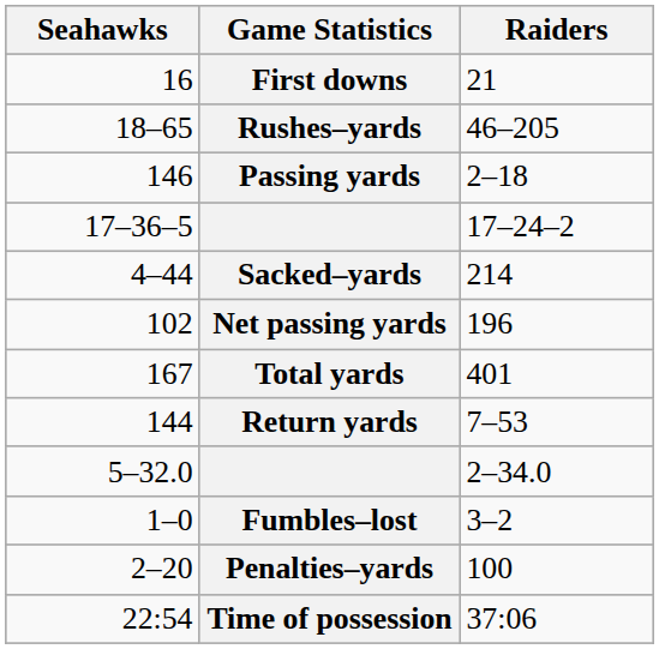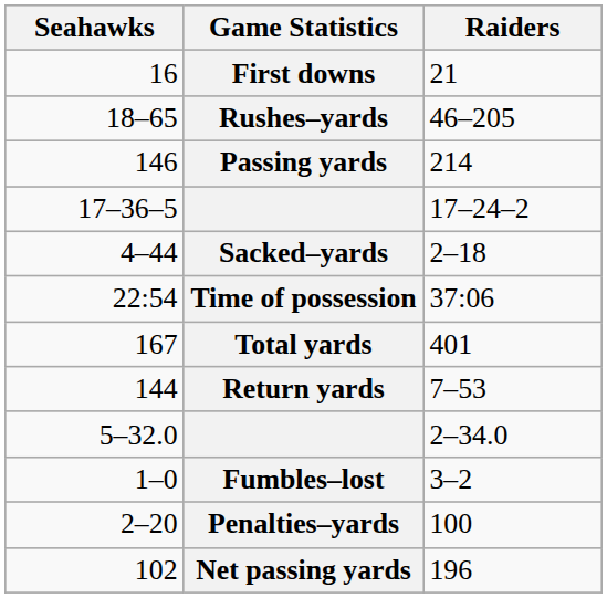 <table class="wikitable" style="margin: 1em auto 1em auto">
 <tr>
 <th style="width:30%;">Seahawks</th>
 <th style="width:40%;">Game Statistics</th>
 <th style="width:30%;">Raiders</th>
 </tr>
 <tr>
 <td style="text-align:right;">16</td>
 <th>First downs</th>
 <td>21</td>
 </tr>
 <tr>
 <td style="text-align:right;">18–65</td>
 <th>Rushes–yards</th>
 <td>46–205</td>
 </tr>
 <tr>
 <td style="text-align:right;">146</td>
 <th>Passing yards</th>
-<td>2–18</td>
+<td>214</td>
 </tr>
 <tr>
 <td style="text-align:right;">17–36–5</td>
 <th></th>
 <td>17–24–2</td>
 </tr>
 <tr>
 <td style="text-align:right;">4–44</td>
 <th>Sacked–yards</th>
-<td>214</td>
+<td>2–18</td>
 </tr>
 <tr>
-<td style="text-align:right;">102</td>
-<th>Net passing yards</th>
-<td>196</td>
+<td style="text-align:right;">22:54</td>
+<th>Time of possession</th>
+<td>37:06</td>
 </tr>
 <tr>
 <td style="text-align:right;">167</td>
 <th>Total yards</th>
 <td>401</td>
 </tr>
 <tr>
 <td style="text-align:right;">144</td>
 <th>Return yards</th>
 <td>7–53</td>
 </tr>
 <tr>
 <td style="text-align:right;">5–32.0</td>
 <th></th>
 <td>2–34.0</td>
 </tr>
 <tr>
 <td style="text-align:right;">1–0</td>
 <th>Fumbles–lost</th>
 <td>3–2</td>
 </tr>
 <tr>
 <td style="text-align:right;">2–20</td>
 <th>Penalties–yards</th>
 <td>100</td>
 </tr>
 <tr>
-<td style="text-align:right;">22:54</td>
-<th>Time of possession</th>
-<td>37:06</td>
+<td style="text-align:right;">102</td>
+<th>Net passing yards</th>
+<td>196</td>
 </tr>
 </table>
